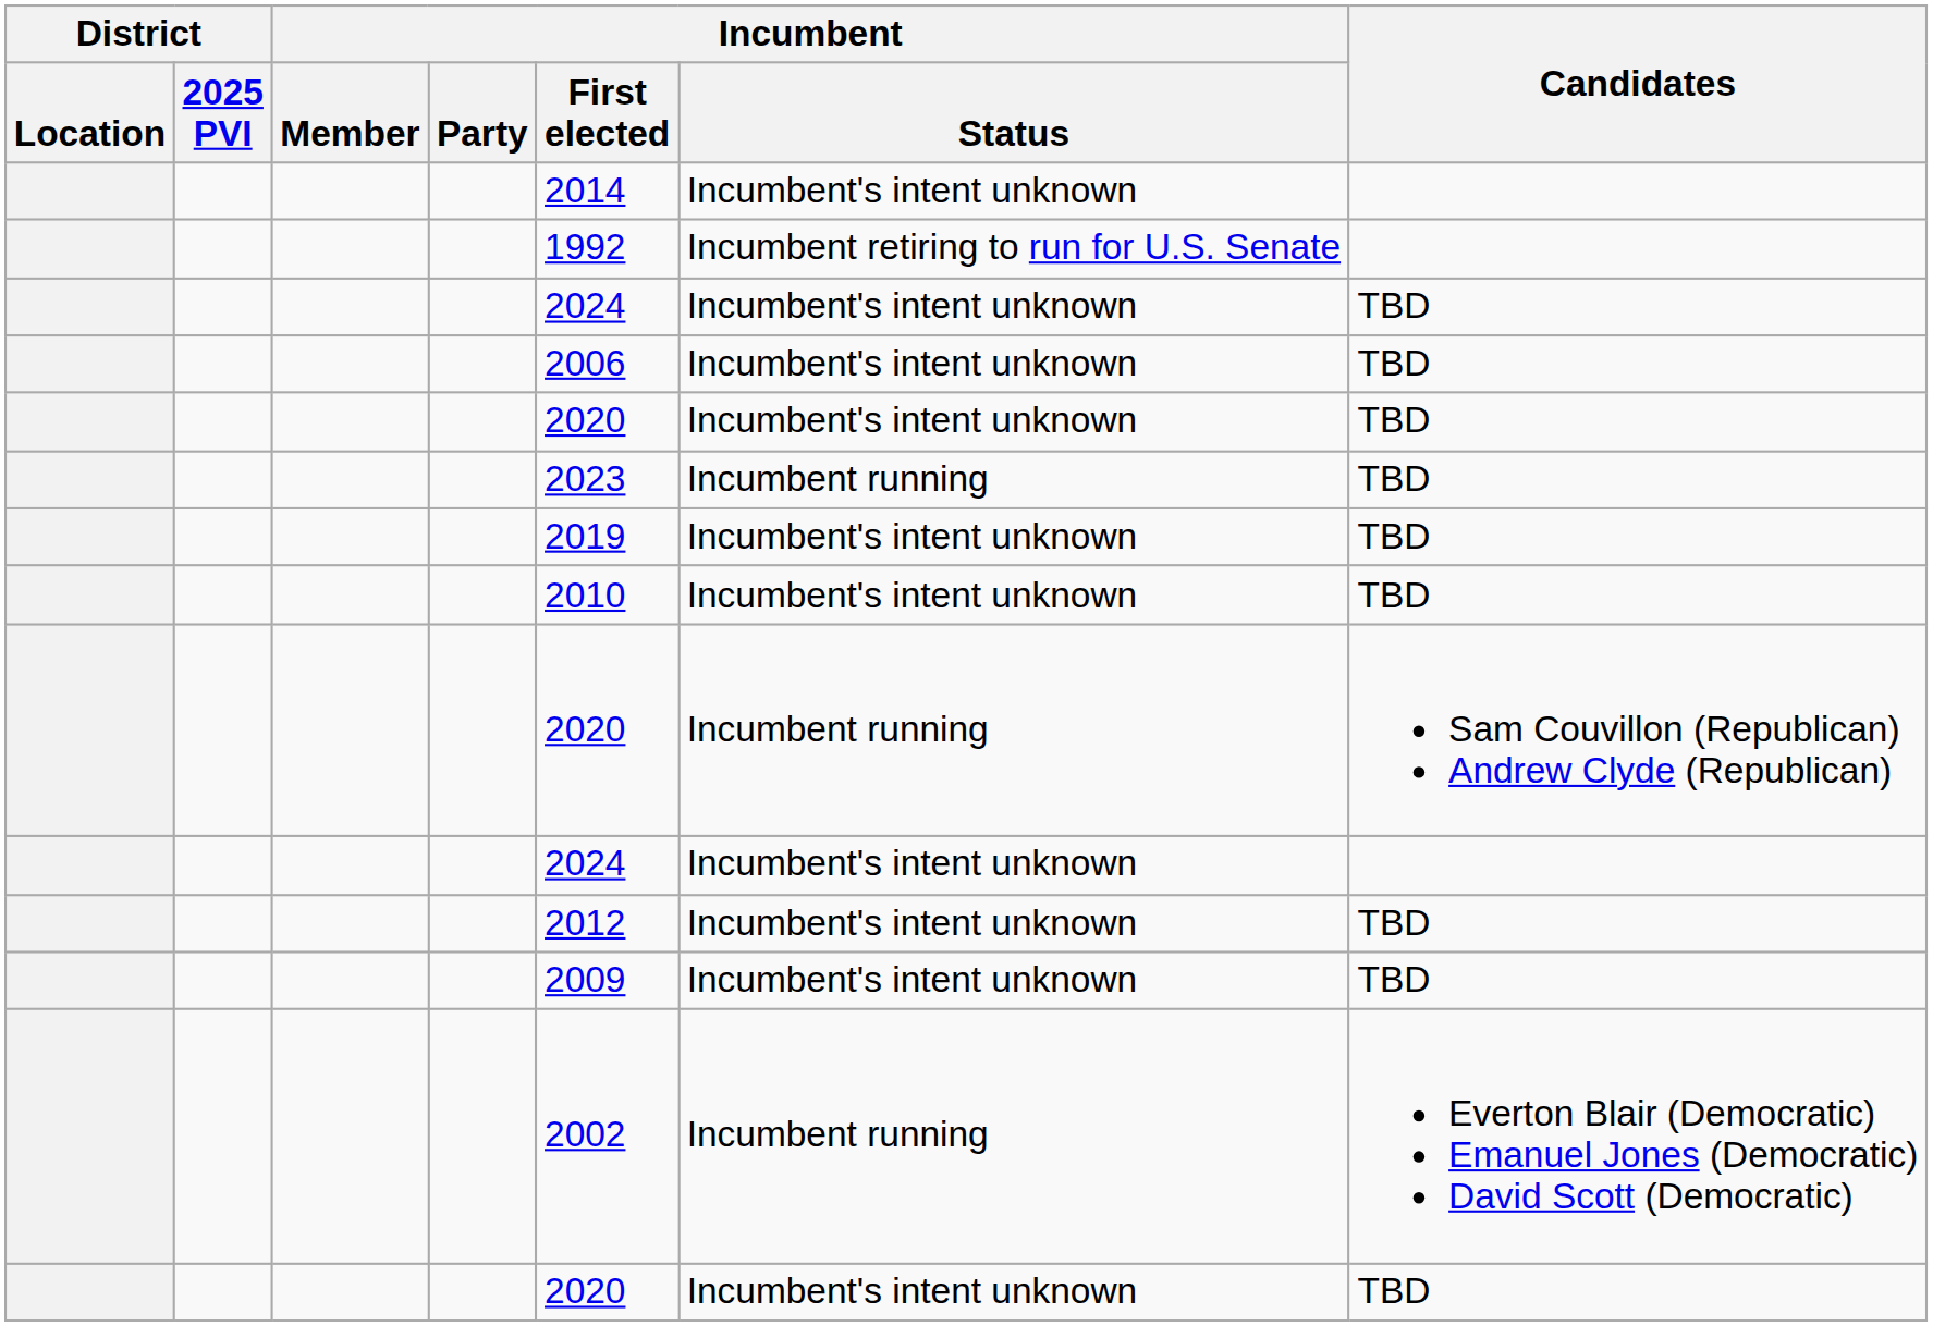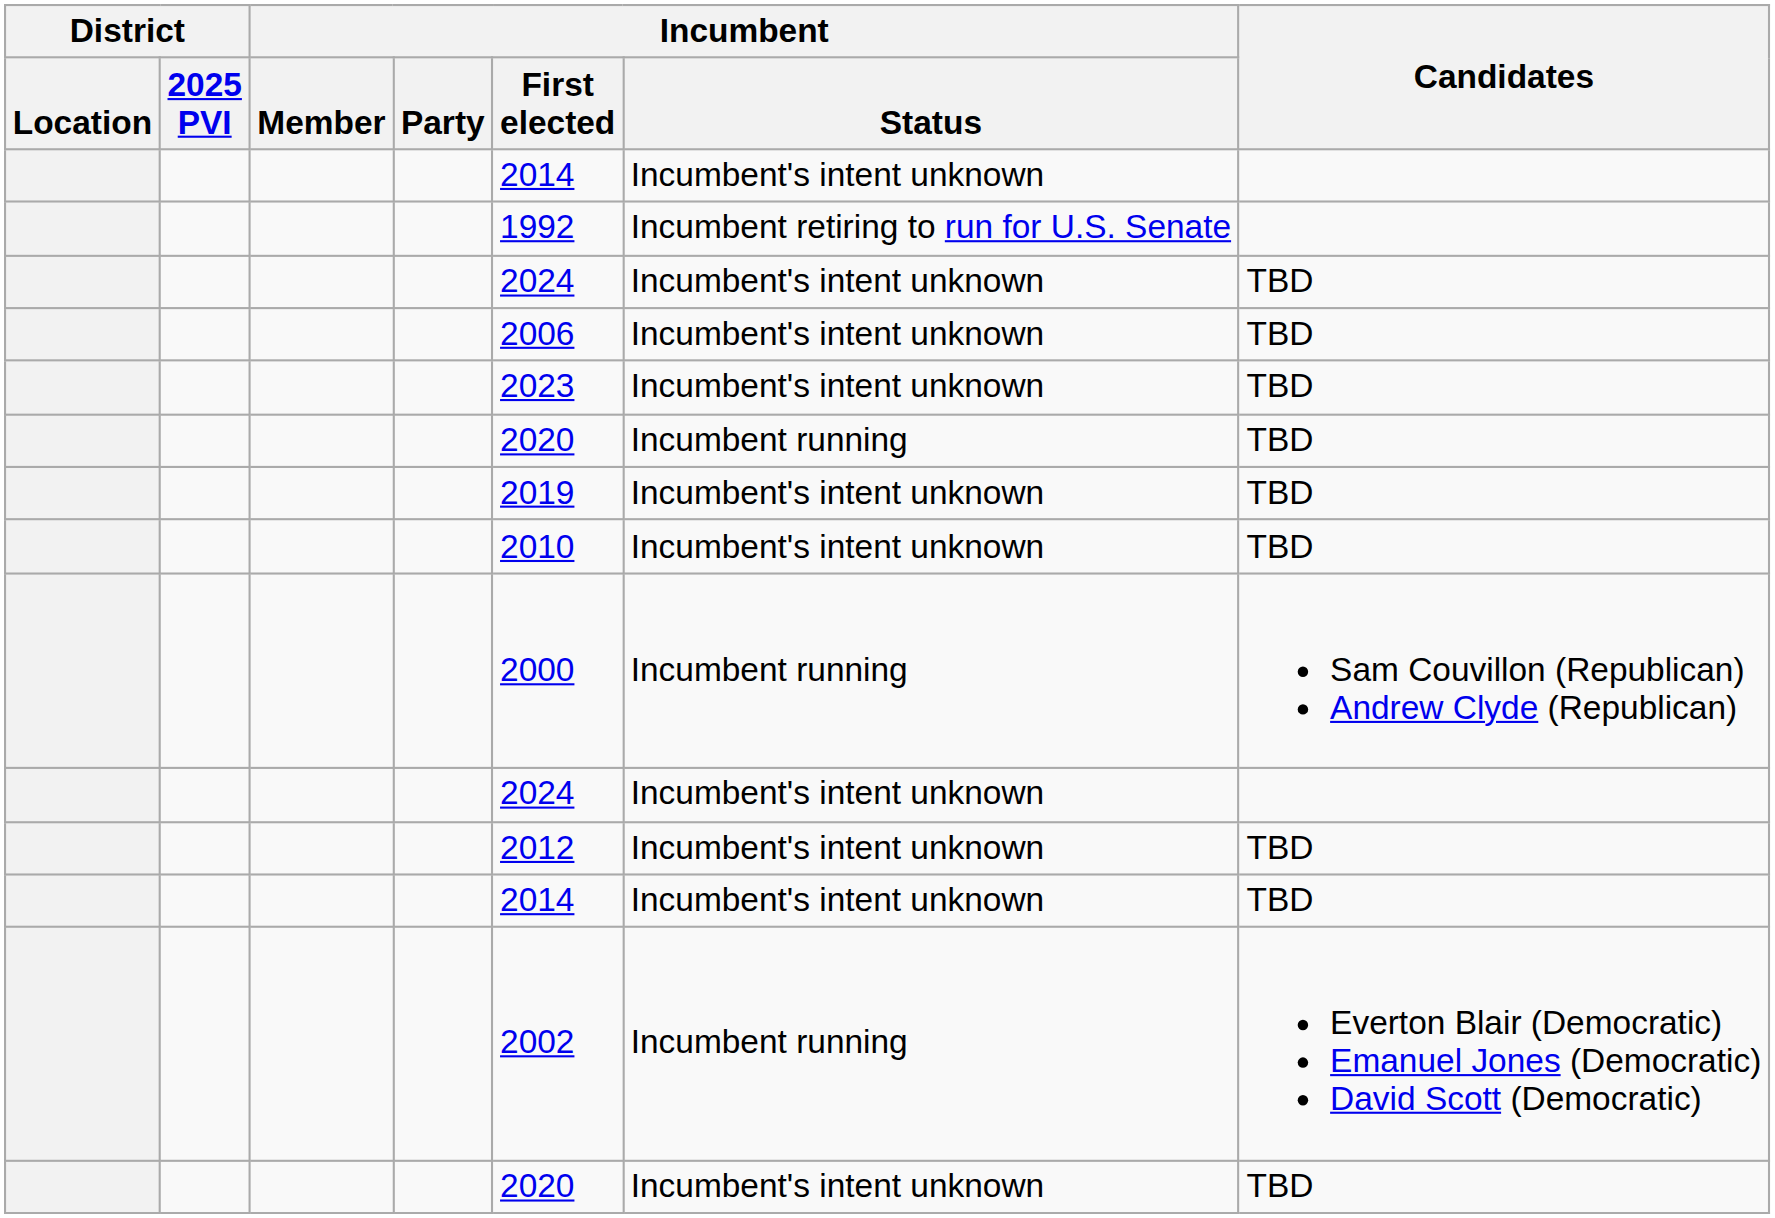 <table class="wikitable sortable">
 <tr>
 <th colspan=2>District</th>
 <th colspan=4>Incumbent</th>
 <th rowspan=2 class="unsortable">Candidates</th>
 </tr>
 <tr valign=bottom>
 <th>Location</th>
 <th><a href='#'>2025<br>PVI</a></th>
 <th>Member</th>
 <th>Party</th>
 <th>First<br>elected</th>
 <th>Status</th>
 </tr>
 <tr>
 <th></th>
 <td></td>
 <td></td>
 <td></td>
 <td><a href='#'>2014</a></td>
 <td>Incumbent's intent unknown</td>
 <td></td>
 </tr>
 <tr>
 <th></th>
 <td></td>
 <td></td>
 <td></td>
 <td><a href='#'>1992</a></td>
 <td>Incumbent retiring to <a href='#'>run for U.S. Senate</a></td>
 <td></td>
 </tr>
 <tr>
 <th></th>
 <td></td>
 <td></td>
 <td></td>
 <td><a href='#'>2024</a></td>
 <td>Incumbent's intent unknown</td>
 <td>TBD</td>
 </tr>
 <tr>
 <th></th>
 <td></td>
 <td></td>
 <td></td>
 <td><a href='#'>2006</a></td>
 <td>Incumbent's intent unknown</td>
 <td>TBD</td>
 </tr>
 <tr>
 <th></th>
 <td></td>
 <td></td>
 <td></td>
-<td><a href='#'>2020</a></td>
+<td><a href='#'>2023</a></td>
 <td>Incumbent's intent unknown</td>
 <td>TBD</td>
 </tr>
 <tr>
 <th></th>
 <td></td>
 <td></td>
 <td></td>
-<td><a href='#'>2023</a></td>
+<td><a href='#'>2020</a></td>
 <td>Incumbent running</td>
 <td>TBD</td>
 </tr>
 <tr>
 <th></th>
 <td></td>
 <td></td>
 <td></td>
 <td><a href='#'>2019</a></td>
 <td>Incumbent's intent unknown</td>
 <td>TBD</td>
 </tr>
 <tr>
 <th></th>
 <td></td>
 <td></td>
 <td></td>
 <td><a href='#'>2010</a></td>
 <td>Incumbent's intent unknown</td>
 <td>TBD</td>
 </tr>
 <tr>
 <th></th>
 <td></td>
 <td></td>
 <td></td>
-<td><a href='#'>2020</a></td>
+<td><a href='#'>2000</a></td>
 <td>Incumbent running</td>
 <td><br><ul><li>Sam Couvillon (Republican)</li><li><a href='#'>Andrew Clyde</a> (Republican)</li></ul></td>
 </tr>
 <tr>
 <th></th>
 <td></td>
 <td></td>
 <td></td>
 <td><a href='#'>2024</a></td>
 <td>Incumbent's intent unknown</td>
 <td></td>
 </tr>
 <tr>
 <th></th>
 <td></td>
 <td></td>
 <td></td>
 <td><a href='#'>2012</a></td>
 <td>Incumbent's intent unknown</td>
 <td>TBD</td>
 </tr>
 <tr>
 <th></th>
 <td></td>
 <td></td>
 <td></td>
-<td><a href='#'>2009</a></td>
+<td><a href='#'>2014</a></td>
 <td>Incumbent's intent unknown</td>
 <td>TBD</td>
 </tr>
 <tr>
 <th></th>
 <td></td>
 <td></td>
 <td></td>
 <td><a href='#'>2002</a></td>
 <td>Incumbent running</td>
 <td><br><ul><li>Everton Blair (Democratic)</li><li><a href='#'>Emanuel Jones</a> (Democratic)</li><li><a href='#'>David Scott</a> (Democratic)</li></ul></td>
 </tr>
 <tr>
 <th></th>
 <td></td>
 <td></td>
 <td></td>
 <td><a href='#'>2020</a></td>
 <td>Incumbent's intent unknown</td>
 <td>TBD</td>
 </tr>
 </table>
